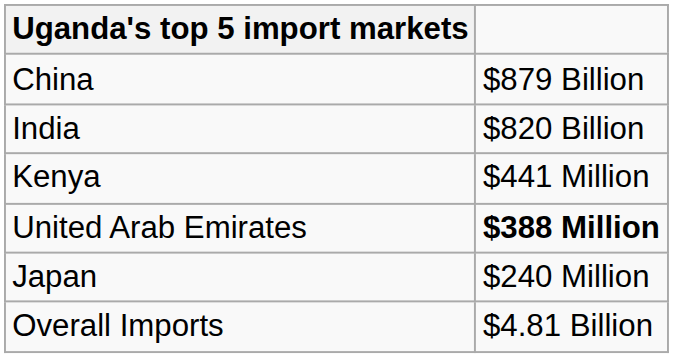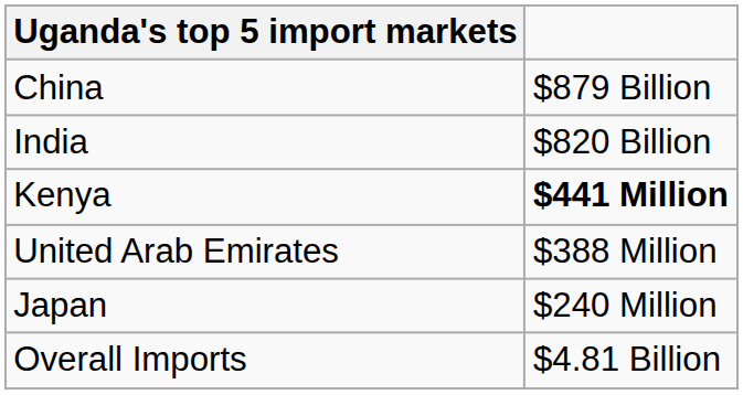 <table class="wikitable">
 <tr>
 <th>Uganda's top 5 import markets</th>
 </tr>
 <tr>
 <td>China</td>
 <td>$879 Billion</td>
 </tr>
 <tr>
 <td>India</td>
 <td>$820 Billion</td>
 </tr>
 <tr>
 <td>Kenya</td>
-<td>$441 Million</td>
+<td><strong>$441 Million</strong></td>
 </tr>
 <tr>
 <td>United Arab Emirates</td>
-<td><strong>$388 Million</strong></td>
+<td>$388 Million</td>
 </tr>
 <tr>
 <td>Japan</td>
 <td>$240 Million</td>
 </tr>
 <tr>
 <td>Overall Imports</td>
 <td>$4.81 Billion</td>
 </tr>
 </table>
